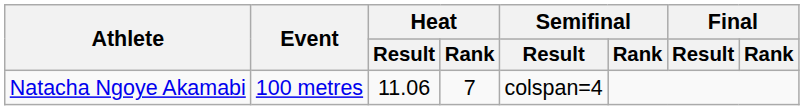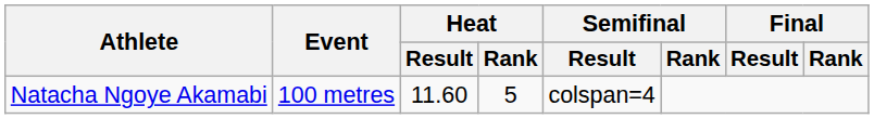 <table class="wikitable" style="font-size:90%">
 <tr>
 <th rowspan="2">Athlete</th>
 <th rowspan="2">Event</th>
 <th colspan="2">Heat</th>
 <th colspan="2">Semifinal</th>
 <th colspan="2">Final</th>
 </tr>
 <tr style="font-size:95%">
 <th>Result</th>
 <th>Rank</th>
 <th>Result</th>
 <th>Rank</th>
 <th>Result</th>
 <th>Rank</th>
 </tr>
 <tr align=center>
 <td align=left><a href='#'>Natacha Ngoye Akamabi</a></td>
 <td align=left><a href='#'>100 metres</a></td>
-<td>11.06</td>
-<td>7</td>
+<td>11.60</td>
+<td>5</td>
 <td>colspan=4 </td>
 </tr>
 </table>
